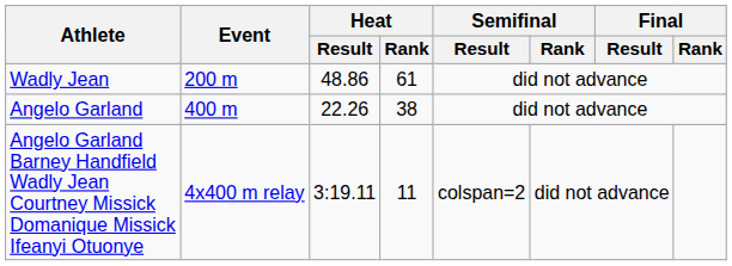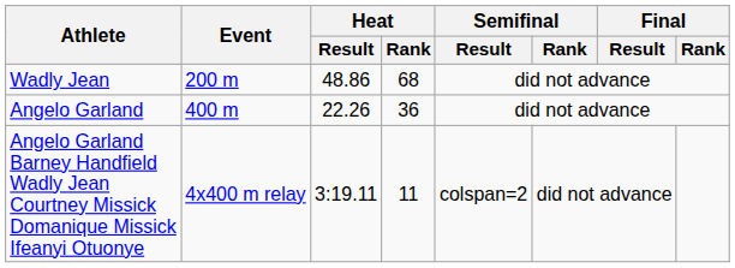 <table class="wikitable" style="font-size:90%">
 <tr>
 <th rowspan=2>Athlete</th>
 <th rowspan=2>Event</th>
 <th colspan=2>Heat</th>
 <th colspan=2>Semifinal</th>
 <th colspan=2>Final</th>
 </tr>
 <tr style="font-size:95%">
 <th>Result</th>
 <th>Rank</th>
 <th>Result</th>
 <th>Rank</th>
 <th>Result</th>
 <th>Rank</th>
 </tr>
 <tr align=center>
 <td align=left><a href='#'>Wadly Jean</a></td>
 <td align=left><a href='#'>200 m</a></td>
 <td>48.86</td>
-<td>61</td>
+<td>68</td>
 <td colspan=4>did not advance</td>
 </tr>
 <tr align=center>
 <td align=left><a href='#'>Angelo Garland</a></td>
 <td align=left><a href='#'>400 m</a></td>
 <td>22.26</td>
-<td>38</td>
+<td>36</td>
 <td colspan=4>did not advance</td>
 </tr>
 <tr align=center>
 <td align=left><a href='#'>Angelo Garland</a><br><a href='#'>Barney Handfield</a><br><a href='#'>Wadly Jean</a><br><a href='#'>Courtney Missick</a><br><a href='#'>Domanique Missick</a><br><a href='#'>Ifeanyi Otuonye</a></td>
 <td align=left><a href='#'>4x400 m relay</a></td>
 <td>3:19.11</td>
 <td>11</td>
 <td>colspan=2 </td>
 <td colspan=2>did not advance</td>
 </tr>
 </table>
